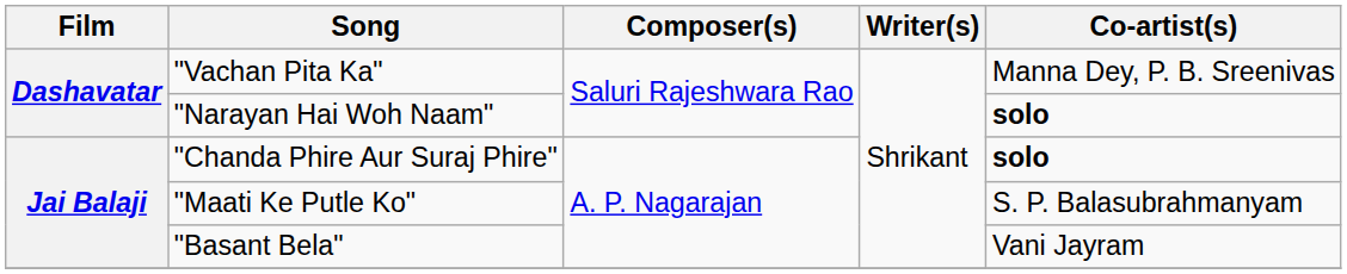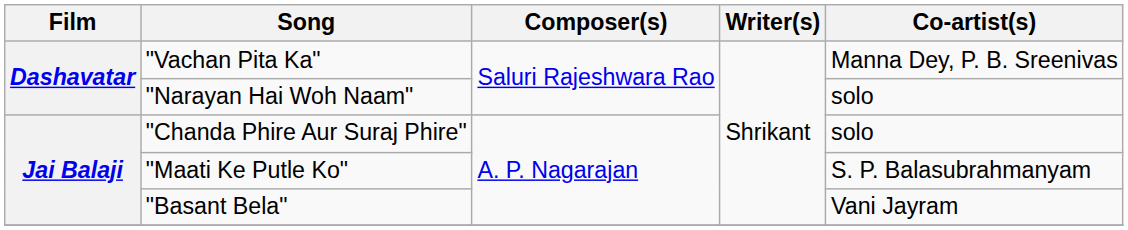 <table class="wikitable sortable">
 <tr>
 <th>Film</th>
 <th>Song</th>
 <th>Composer(s)</th>
 <th>Writer(s)</th>
 <th>Co-artist(s)</th>
 </tr>
 <tr>
 <th rowspan="2"><a href='#'><em>Dashavatar</em></a></th>
 <td>"Vachan Pita Ka"</td>
 <td rowspan="2"><a href='#'>Saluri Rajeshwara Rao</a></td>
 <td rowspan=5>Shrikant</td>
 <td>Manna Dey, P. B. Sreenivas</td>
 </tr>
 <tr>
 <td>"Narayan Hai Woh Naam"</td>
-<td><strong>solo</strong></td>
+<td>solo</td>
 </tr>
 <tr>
 <th rowspan="3"><a href='#'><em>Jai Balaji</em></a></th>
 <td>"Chanda Phire Aur Suraj Phire"</td>
 <td rowspan="3"><a href='#'>A. P. Nagarajan</a></td>
-<td><strong>solo</strong></td>
+<td>solo</td>
 </tr>
 <tr>
 <td>"Maati Ke Putle Ko"</td>
 <td>S. P. Balasubrahmanyam</td>
 </tr>
 <tr>
 <td>"Basant Bela"</td>
 <td>Vani Jayram</td>
 </tr>
 <tr>
 </tr>
 </table>
